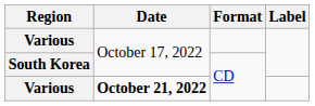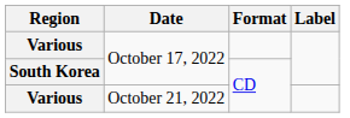 <table class="wikitable plainrowheaders">
 <tr>
 <th scope="col">Region</th>
 <th scope="col">Date</th>
 <th scope="col">Format</th>
 <th scope="col">Label</th>
 </tr>
 <tr>
 <th scope="row">Various</th>
 <td rowspan="2">October 17, 2022</td>
 <td></td>
 <td rowspan="2"></td>
 </tr>
 <tr>
 <th scope="row">South Korea</th>
 <td rowspan="2"><a href='#'>CD</a></td>
 </tr>
 <tr>
 <th scope="row">Various</th>
-<td><strong>October 21, 2022</strong></td>
+<td>October 21, 2022</td>
 <td></td>
 </tr>
 </table>
